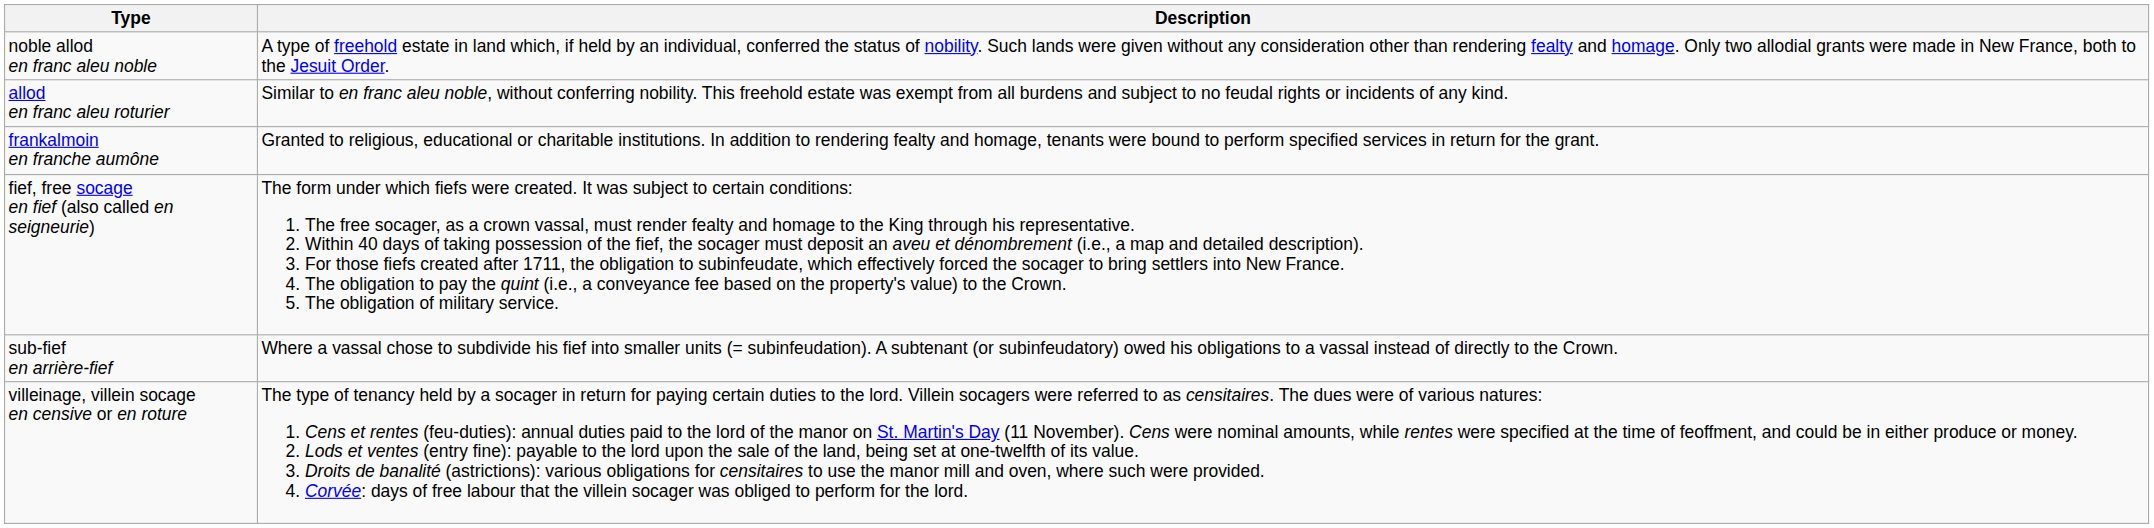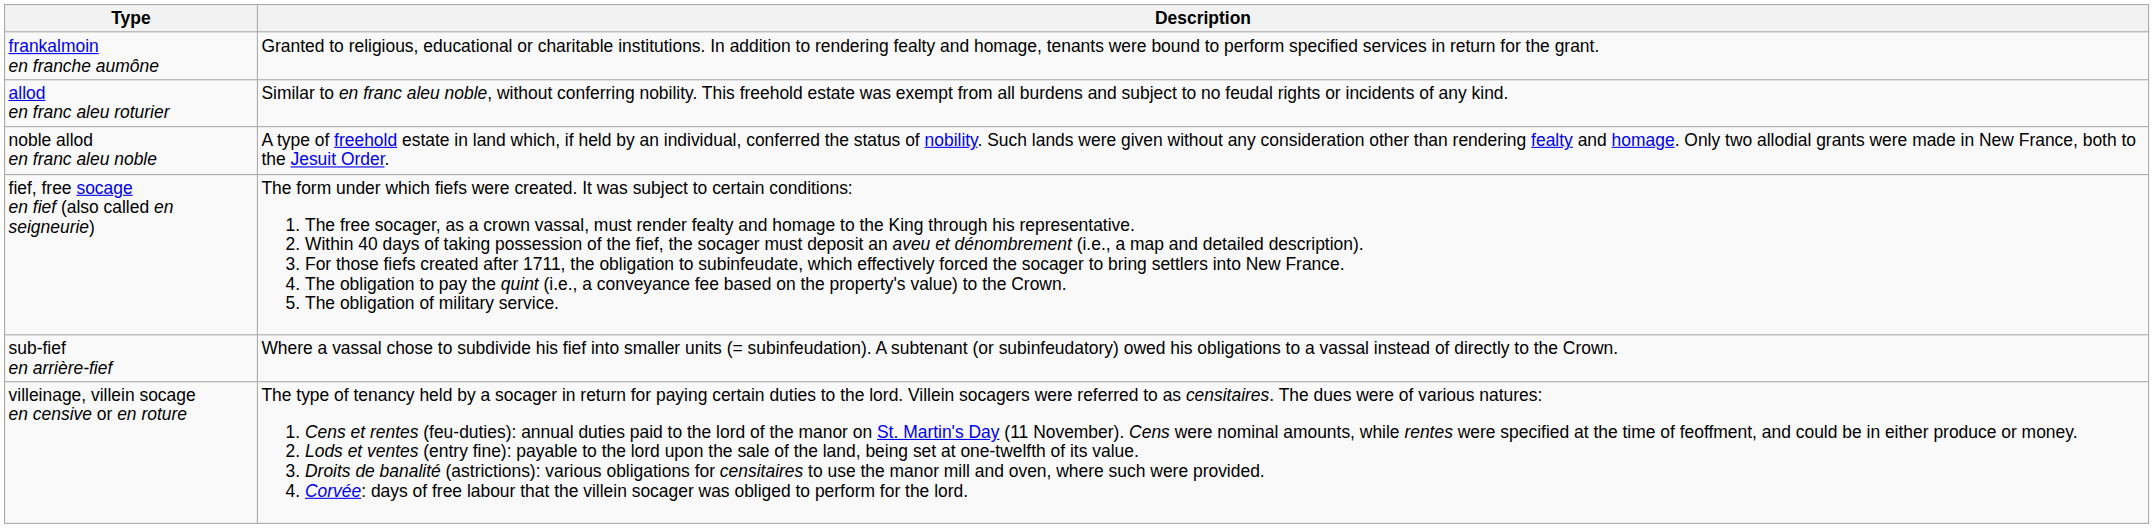 <table class="wikitable">
 <tr>
 <th>Type</th>
 <th>Description</th>
 </tr>
 <tr valign="top">
-<td>noble allod<br><em>en franc aleu noble</em></td>
-<td>A type of <a href='#'>freehold</a> estate in land which, if held by an individual, conferred the status of <a href='#'>nobility</a>. Such lands were given without any consideration other than rendering <a href='#'>fealty</a> and <a href='#'>homage</a>. Only two allodial grants were made in New France, both to the <a href='#'>Jesuit Order</a>.</td>
+<td><a href='#'>frankalmoin</a><br> <em>en franche aumône</em></td>
+<td>Granted to religious, educational or charitable institutions. In addition to rendering fealty and homage, tenants were bound to perform specified services in return for the grant.</td>
 </tr>
 <tr valign="top">
 <td><a href='#'>allod</a><br><em>en franc aleu roturier</em></td>
 <td>Similar to <em>en franc aleu noble</em>, without conferring nobility. This freehold estate was exempt from all burdens and subject to no feudal rights or incidents of any kind.</td>
 </tr>
 <tr valign="top">
-<td><a href='#'>frankalmoin</a><br> <em>en franche aumône</em></td>
-<td>Granted to religious, educational or charitable institutions. In addition to rendering fealty and homage, tenants were bound to perform specified services in return for the grant.</td>
+<td>noble allod<br><em>en franc aleu noble</em></td>
+<td>A type of <a href='#'>freehold</a> estate in land which, if held by an individual, conferred the status of <a href='#'>nobility</a>. Such lands were given without any consideration other than rendering <a href='#'>fealty</a> and <a href='#'>homage</a>. Only two allodial grants were made in New France, both to the <a href='#'>Jesuit Order</a>.</td>
 </tr>
 <tr valign="top">
 <td>fief, free <a href='#'>socage</a><br><em>en fief</em> (also called <em>en seigneurie</em>)</td>
 <td>The form under which fiefs were created. It was subject to certain conditions:<br><ol><li>The free socager, as a crown vassal, must render fealty and homage to the King through his representative.</li><li>Within 40 days of taking possession of the fief, the socager must deposit an <em>aveu et dénombrement</em> (i.e., a map and detailed description).</li><li>For those fiefs created after 1711, the obligation to subinfeudate, which effectively forced the socager to bring settlers into New France.</li><li>The obligation to pay the <em>quint</em> (i.e., a conveyance fee based on the property's value) to the Crown.</li><li>The obligation of military service.</li></ol></td>
 </tr>
 <tr valign="top">
 <td>sub-fief<br><em>en arrière-fief</em></td>
 <td>Where a vassal chose to subdivide his fief into smaller units (= subinfeudation). A subtenant (or subinfeudatory) owed his obligations to a vassal instead of directly to the Crown.</td>
 </tr>
 <tr valign="top">
 <td>villeinage, villein socage<br><em>en censive</em> or <em>en roture</em></td>
 <td>The type of tenancy held by a socager in return for paying certain duties to the lord. Villein socagers were referred to as <em>censitaires</em>. The dues were of various natures:<br><ol><li><em>Cens et rentes</em> (feu-duties): annual duties paid to the lord of the manor on <a href='#'>St. Martin's Day</a> (11 November). <em>Cens</em> were nominal amounts, while <em>rentes</em> were specified at the time of feoffment, and could be in either produce or money.</li><li><em>Lods et ventes</em> (entry fine): payable to the lord upon the sale of the land, being set at one-twelfth of its value.</li><li><em>Droits de banalité</em> (astrictions): various obligations for <em>censitaires</em> to use the manor mill and oven, where such were provided.</li><li><em><a href='#'>Corvée</a></em>: days of free labour that the villein socager was obliged to perform for the lord.</li></ol></td>
 </tr>
 </table>
